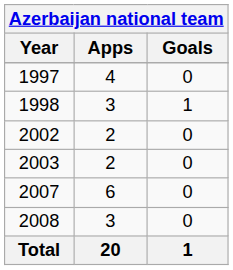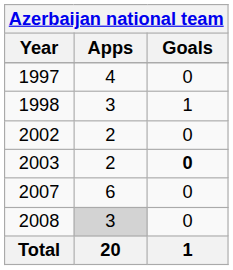 <table class="wikitable" style="text-align:center">
 <tr>
 <th colspan=3><a href='#'>Azerbaijan national team</a></th>
 </tr>
 <tr>
 <th>Year</th>
 <th>Apps</th>
 <th>Goals</th>
 </tr>
 <tr>
 </tr>
 <tr>
 <td>1997</td>
 <td>4</td>
 <td>0</td>
 </tr>
 <tr>
 <td>1998</td>
 <td>3</td>
 <td>1</td>
 </tr>
 <tr>
 <td>2002</td>
 <td>2</td>
 <td>0</td>
 </tr>
 <tr>
 <td>2003</td>
 <td>2</td>
-<td>0</td>
+<td><strong>0</strong></td>
 </tr>
 <tr>
 <td>2007</td>
 <td>6</td>
 <td>0</td>
 </tr>
 <tr>
 <td>2008</td>
-<td>3</td>
+<td style="background: lightgrey;">3</td>
 <td>0</td>
 </tr>
 <tr>
 <th>Total</th>
 <th>20</th>
 <th>1</th>
 </tr>
 </table>
